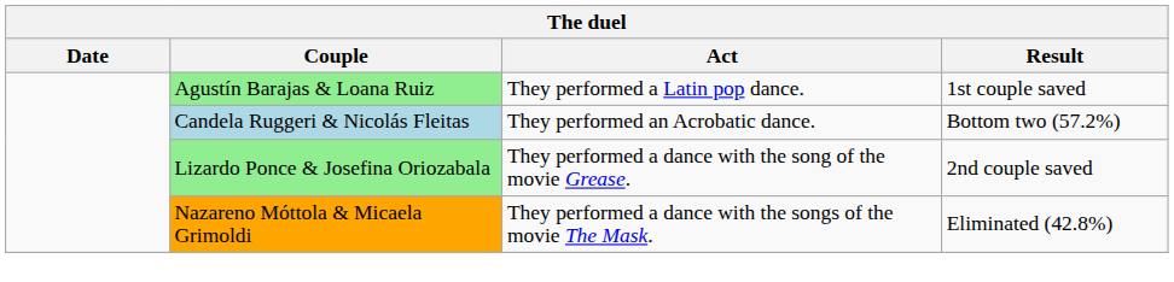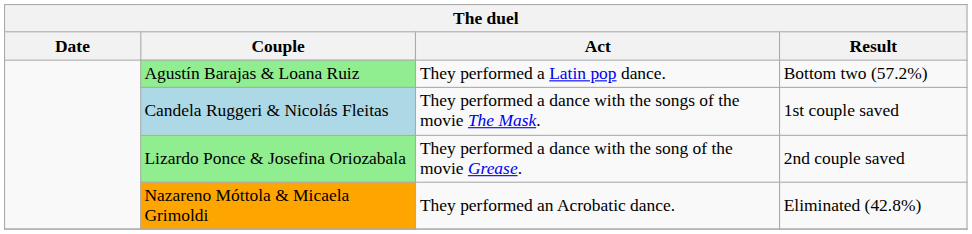 <table class="wikitable collapsible collapsed" style="text-align: align; width: 100%;">
 <tr>
 <th colspan="11" style="with: 100%;" align="center">The duel</th>
 </tr>
 <tr>
 <th width=85>Date</th>
 <th width=180>Couple</th>
 <th width=240>Act</th>
 <th width=120>Result</th>
 </tr>
 <tr>
 <td rowspan="4"></td>
 <td bgcolor="lightgreen">Agustín Barajas & Loana Ruiz</td>
 <td>They performed a <a href='#'>Latin pop</a> dance.<br></td>
-<td>1st couple saved</td>
+<td>Bottom two (57.2%)</td>
 </tr>
 <tr>
 <td bgcolor="lightblue">Candela Ruggeri & Nicolás Fleitas</td>
-<td>They performed an Acrobatic dance.<br></td>
-<td>Bottom two (57.2%)</td>
+<td>They performed a dance with the songs of the movie <em><a href='#'>The Mask</a></em>.<br></td>
+<td>1st couple saved</td>
 </tr>
 <tr>
 <td bgcolor="lightgreen">Lizardo Ponce & Josefina Oriozabala</td>
 <td>They performed a dance with the song of the movie <em><a href='#'>Grease</a></em>.<br></td>
 <td>2nd couple saved</td>
 </tr>
 <tr>
 <td bgcolor="orange">Nazareno Móttola & Micaela Grimoldi</td>
-<td>They performed a dance with the songs of the movie <em><a href='#'>The Mask</a></em>.<br></td>
+<td>They performed an Acrobatic dance.<br></td>
 <td>Eliminated (42.8%)</td>
 </tr>
 <tr>
 </tr>
 </table>
